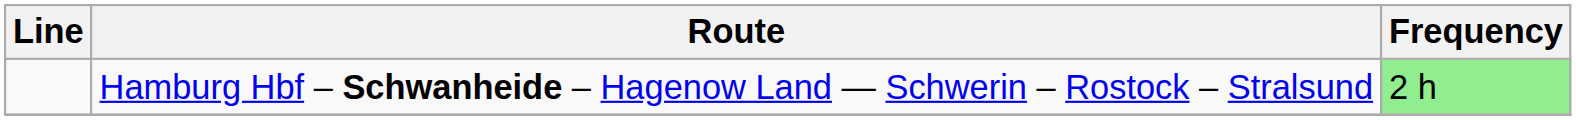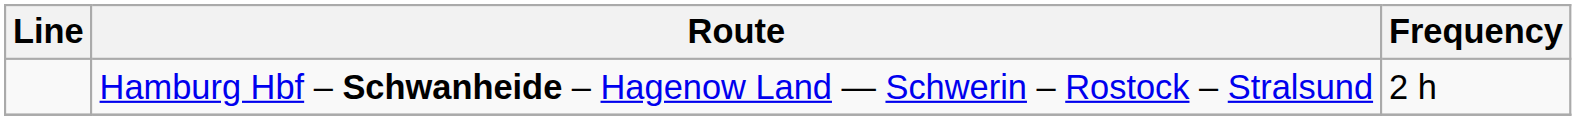 <table class="wikitable">
 <tr>
 <th>Line</th>
 <th>Route</th>
 <th>Frequency</th>
 </tr>
 <tr>
 <td></td>
 <td><a href='#'>Hamburg Hbf</a> – <strong>Schwanheide</strong> –  <a href='#'>Hagenow Land</a> — <a href='#'>Schwerin</a> – <a href='#'>Rostock</a> – <a href='#'>Stralsund</a></td>
-<td style="background: lightgreen;">2 h</td>
+<td>2 h</td>
 </tr>
 <tr>
 </tr>
 </table>
